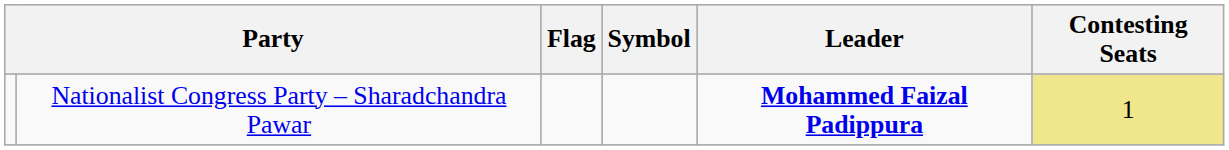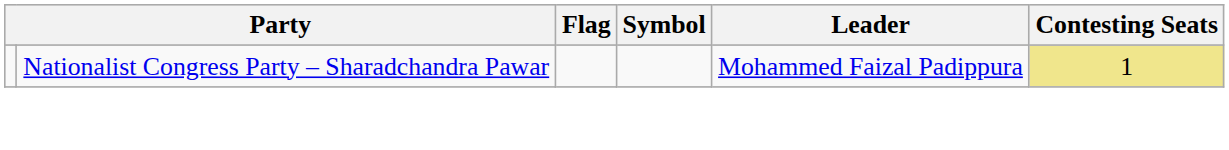 <table class="wikitable" width="60%" style="text-align:center">
 <tr>
 <th colspan="2">Party</th>
 <th>Flag</th>
 <th>Symbol</th>
 <th>Leader</th>
 <th>Contesting Seats</th>
 </tr>
 <tr>
 <td></td>
 <td><a href='#'>Nationalist Congress Party – Sharadchandra Pawar</a></td>
 <td></td>
 <td></td>
-<td><strong><a href='#'>Mohammed Faizal Padippura</a></strong></td>
+<td><a href='#'>Mohammed Faizal Padippura</a></td>
 <td style="background: khaki;">1</td>
 </tr>
 </table>
